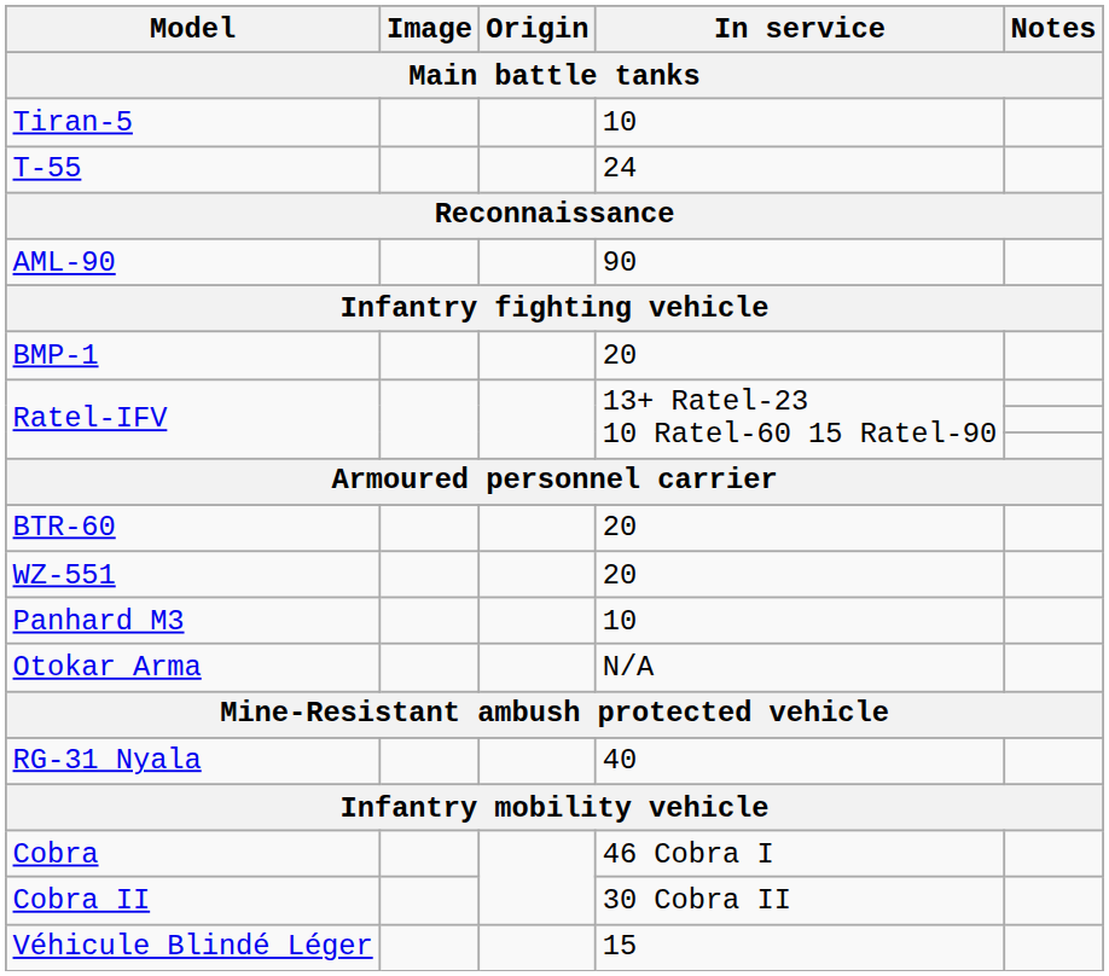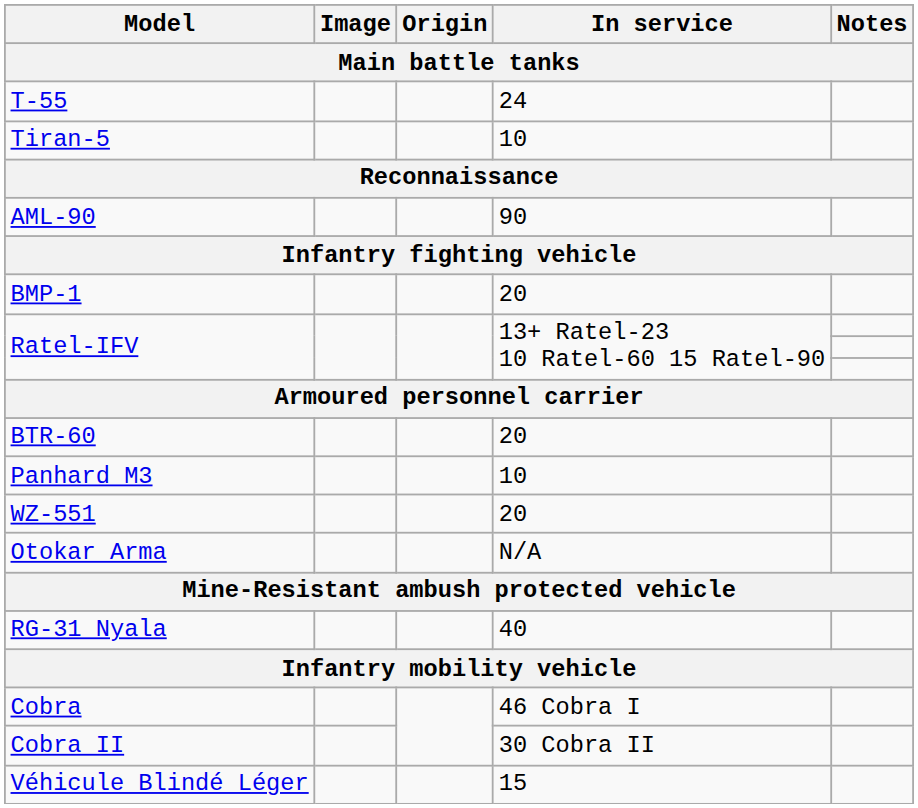 <table class="wikitable">
 <tr>
 <th>Model</th>
 <th>Image</th>
 <th>Origin</th>
 <th>In service</th>
 <th>Notes</th>
 </tr>
 <tr>
 <th colspan="5">Main battle tanks</th>
 </tr>
 <tr>
+<td><a href='#'>T-55</a></td>
+<td></td>
+<td></td>
+<td>24</td>
+<td></td>
+</tr>
+<tr>
 <td><a href='#'>Tiran-5</a></td>
 <td></td>
 <td></td>
 <td>10</td>
-<td></td>
-</tr>
-<tr>
-<td><a href='#'>T-55</a></td>
-<td></td>
-<td></td>
-<td>24</td>
 <td></td>
 </tr>
 <tr>
 <th colspan="5">Reconnaissance</th>
 </tr>
 <tr>
 <td><a href='#'>AML-90</a></td>
 <td></td>
 <td></td>
 <td>90</td>
 <td></td>
 </tr>
 <tr>
 <th colspan="5">Infantry fighting vehicle</th>
 </tr>
 <tr>
 <td><a href='#'>BMP-1</a></td>
 <td></td>
 <td></td>
 <td>20</td>
 <td></td>
 </tr>
 <tr>
 <td rowspan="3"><a href='#'>Ratel-IFV</a></td>
 <td rowspan="3"></td>
 <td rowspan="3"></td>
 <td rowspan="3">13+ Ratel-23<br>10 Ratel-60 15 Ratel-90</td>
 <td></td>
 </tr>
 <tr>
 <td></td>
 </tr>
 <tr>
 <td></td>
 </tr>
 <tr>
 <th colspan="5">Armoured personnel carrier</th>
 </tr>
 <tr>
 <td><a href='#'>BTR-60</a></td>
 <td></td>
 <td></td>
 <td>20</td>
 <td></td>
 </tr>
 <tr>
+<td><a href='#'>Panhard M3</a></td>
+<td></td>
+<td></td>
+<td>10</td>
+<td></td>
+</tr>
+<tr>
 <td><a href='#'>WZ-551</a></td>
 <td></td>
 <td></td>
 <td>20</td>
-<td></td>
-</tr>
-<tr>
-<td><a href='#'>Panhard M3</a></td>
-<td></td>
-<td></td>
-<td>10</td>
 <td></td>
 </tr>
 <tr>
 <td><a href='#'>Otokar Arma</a></td>
 <td></td>
 <td></td>
 <td>N/A</td>
 <td></td>
 </tr>
 <tr>
 <th colspan="5">Mine-Resistant ambush protected vehicle</th>
 </tr>
 <tr>
 <td><a href='#'>RG-31 Nyala</a></td>
 <td></td>
 <td></td>
 <td>40</td>
 <td></td>
 </tr>
 <tr>
 <th colspan="5">Infantry mobility vehicle</th>
 </tr>
 <tr>
 <td><a href='#'>Cobra</a></td>
 <td></td>
 <td rowspan="2"></td>
 <td>46 Cobra I</td>
 <td></td>
 </tr>
 <tr>
 <td><a href='#'>Cobra II</a></td>
 <td></td>
 <td>30 Cobra II</td>
 <td></td>
 </tr>
 <tr>
 <td><a href='#'>Véhicule Blindé Léger</a></td>
 <td></td>
 <td></td>
 <td>15</td>
 <td></td>
 </tr>
 </table>
